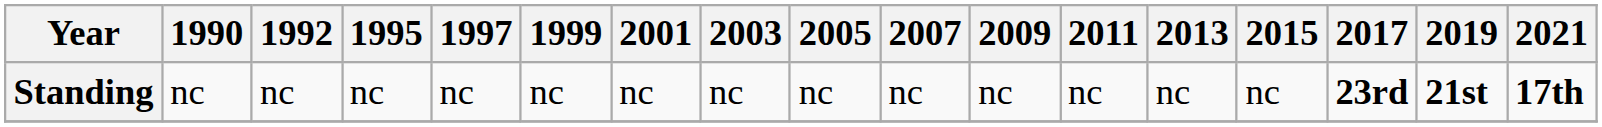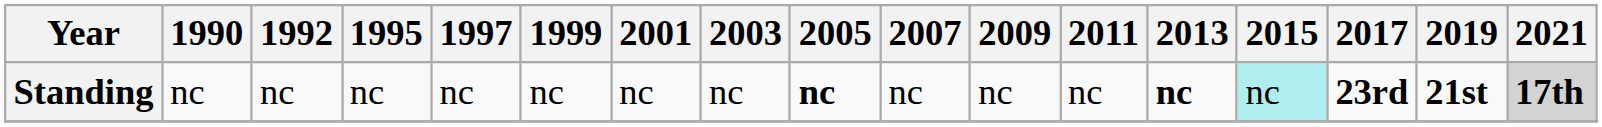 <table class="wikitable">
 <tr>
 <th>Year</th>
 <th>1990</th>
 <th>1992</th>
 <th>1995</th>
 <th>1997</th>
 <th>1999</th>
 <th>2001</th>
 <th>2003</th>
 <th>2005</th>
 <th>2007</th>
 <th>2009</th>
 <th>2011</th>
 <th>2013</th>
 <th>2015</th>
 <th>2017</th>
 <th>2019</th>
 <th>2021</th>
 </tr>
 <tr>
 <th>Standing</th>
 <td>nc</td>
 <td>nc</td>
 <td>nc</td>
 <td>nc</td>
 <td>nc</td>
 <td>nc</td>
 <td>nc</td>
+<td><strong>nc</strong></td>
 <td>nc</td>
 <td>nc</td>
 <td>nc</td>
-<td>nc</td>
-<td>nc</td>
-<td>nc</td>
+<td><strong>nc</strong></td>
+<td style="background: paleturquoise;">nc</td>
 <td><strong>23rd</strong></td>
 <td><strong>21st</strong></td>
-<td><strong>17th</strong></td>
+<td style="background: lightgrey;"><strong>17th</strong></td>
 </tr>
 <tr>
 </tr>
 </table>
